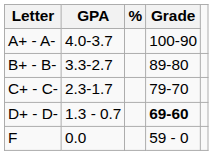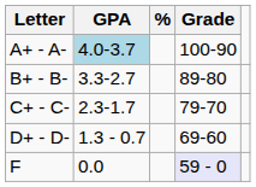 <table class="wikitable">
 <tr>
 <th>Letter</th>
 <th>GPA</th>
 <th>%</th>
 <th>Grade</th>
 </tr>
 <tr>
 <td>A+ - A-</td>
-<td>4.0-3.7</td>
+<td style="background: lightblue;">4.0-3.7</td>
 <td></td>
 <td>100-90</td>
 </tr>
 <tr>
 <td>B+ - B-</td>
 <td>3.3-2.7</td>
 <td></td>
 <td>89-80</td>
 <td></td>
 </tr>
 <tr>
 <td>C+ - C-</td>
 <td>2.3-1.7</td>
 <td></td>
 <td>79-70</td>
 <td></td>
 </tr>
 <tr>
 <td>D+ - D-</td>
 <td>1.3 - 0.7</td>
 <td></td>
-<td><strong>69-60</strong></td>
+<td>69-60</td>
 <td></td>
 </tr>
 <tr>
 <td>F</td>
 <td>0.0</td>
 <td></td>
-<td>59 - 0</td>
+<td style="background: lavender;">59 - 0</td>
 <td></td>
 </tr>
 </table>
